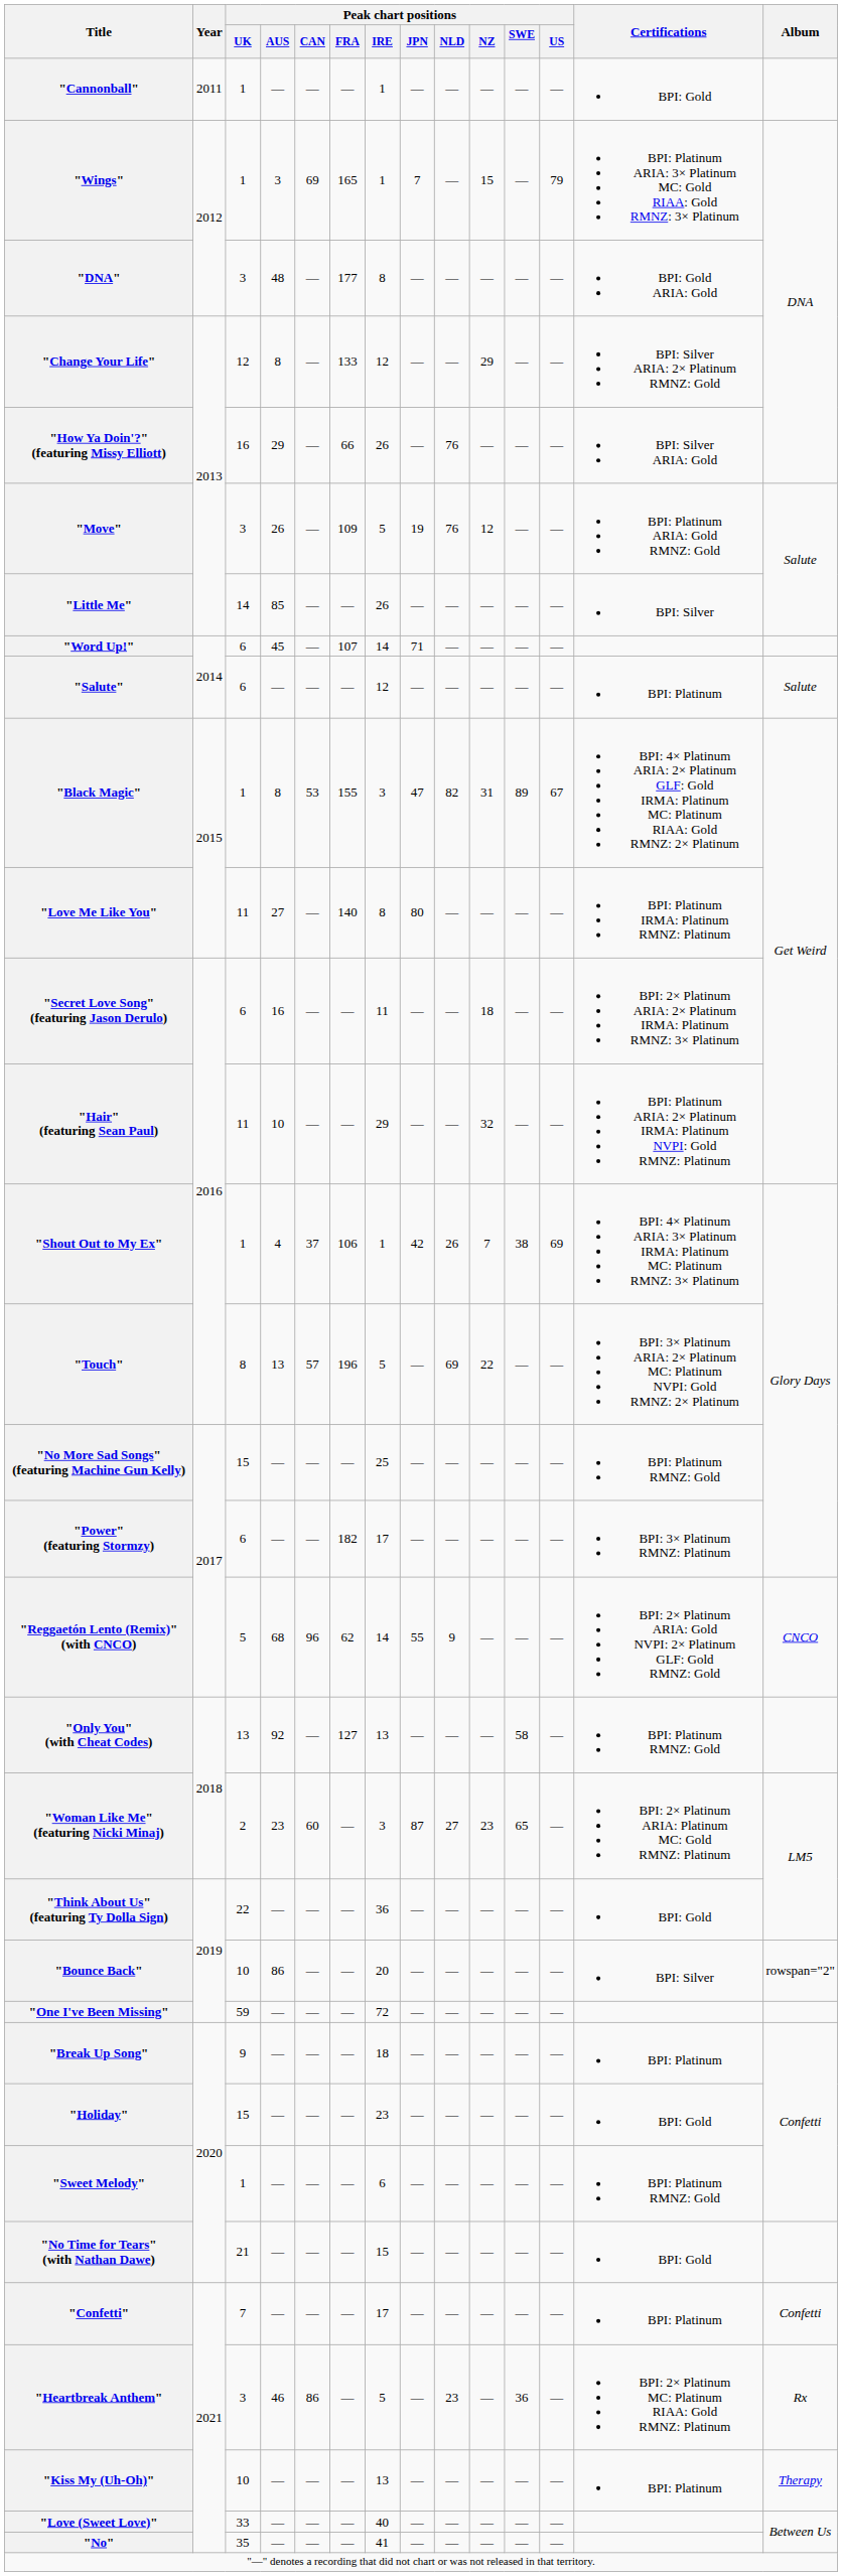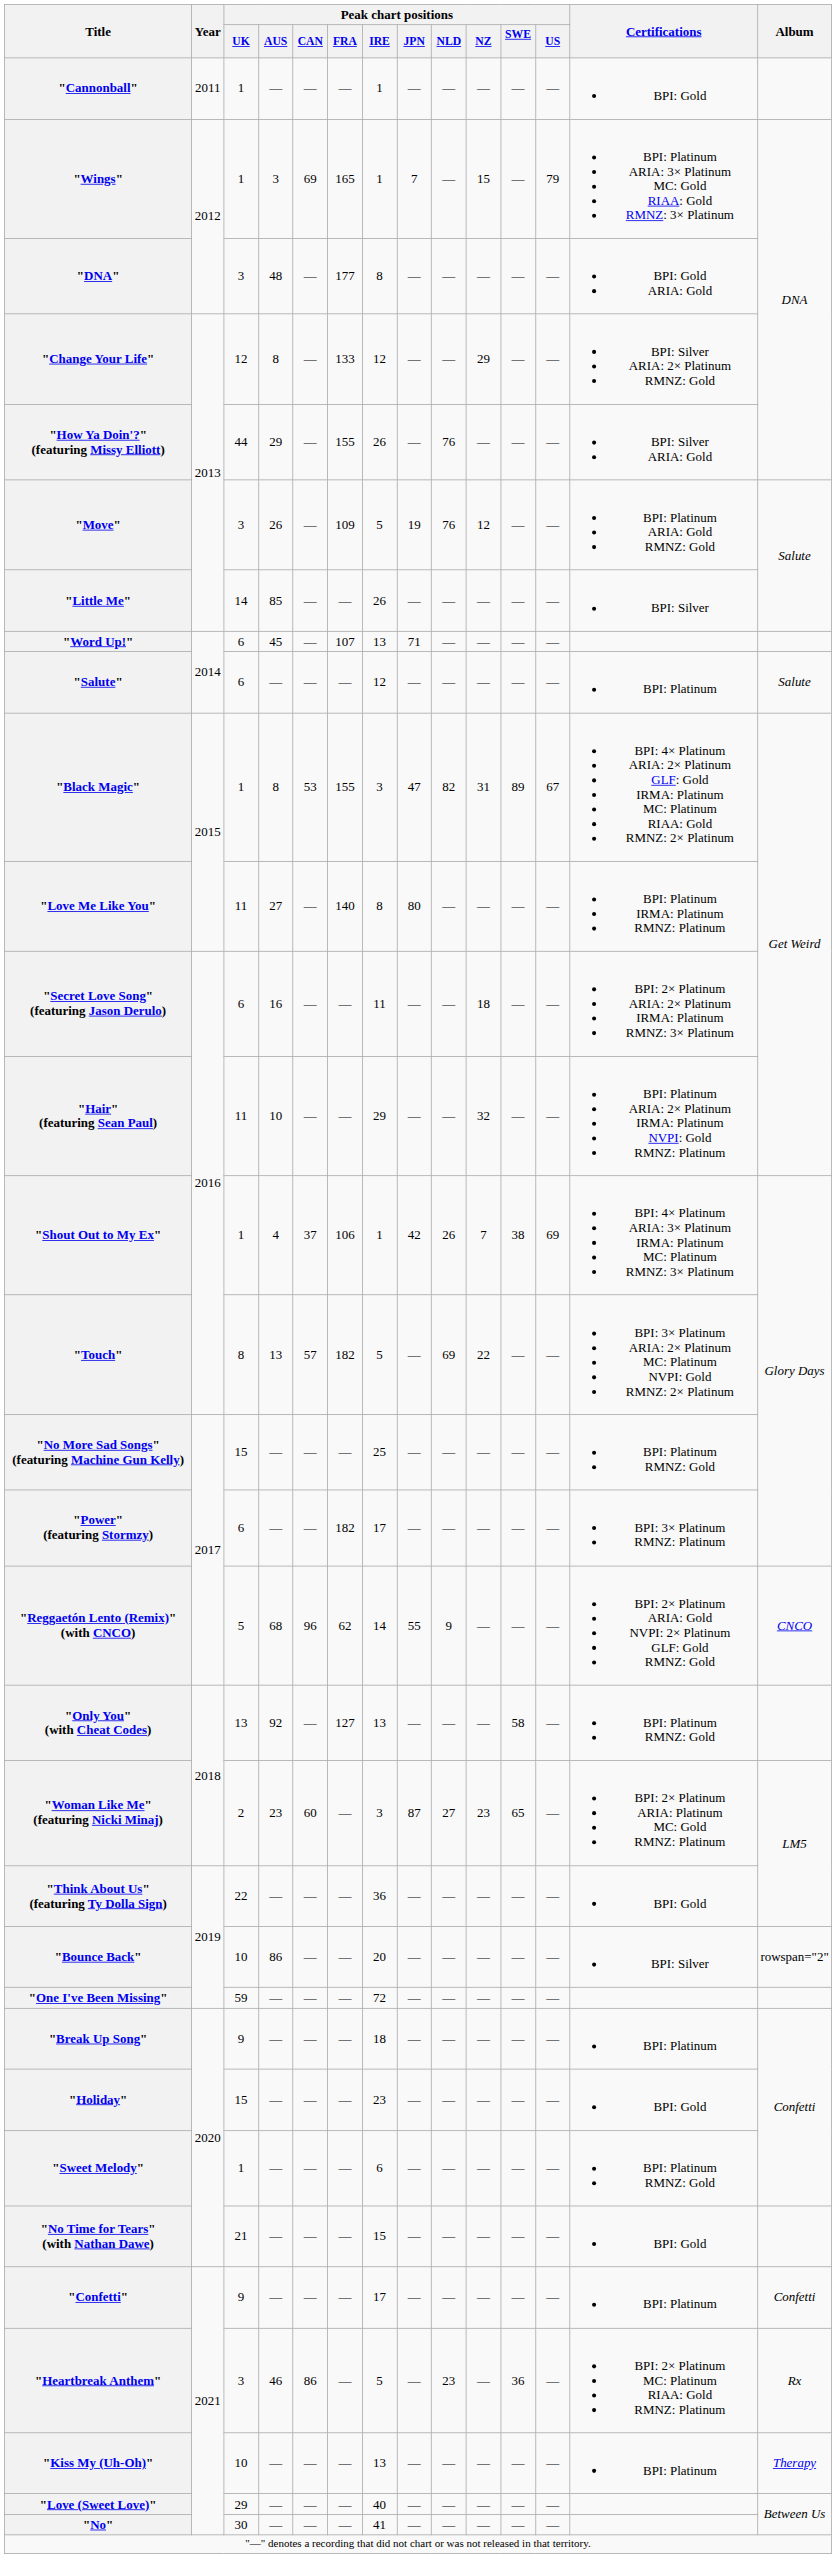 <table class="wikitable plainrowheaders" style="text-align:center;">
 <tr>
 <th scope="col" rowspan="2" style="width:14em;">Title</th>
 <th scope="col" rowspan="2" style="width:1em;">Year</th>
 <th scope="col" colspan="10">Peak chart positions</th>
 <th scope="col" rowspan="2" style="width:14em;"><a href='#'>Certifications</a></th>
 <th scope="col" rowspan="2">Album</th>
 </tr>
 <tr>
 <th scope="col" style="width:2.5em;font-size:90%;"><a href='#'>UK</a><br></th>
 <th scope="col" style="width:2.5em;font-size:90%;"><a href='#'>AUS</a><br></th>
 <th scope="col" style="width:2.5em;font-size:90%;"><a href='#'>CAN</a><br></th>
 <th scope="col" style="width:2.5em;font-size:90%;"><a href='#'>FRA</a><br></th>
 <th scope="col" style="width:2.5em;font-size:90%;"><a href='#'>IRE</a><br></th>
 <th scope="col" style="width:2.5em;font-size:90%;"><a href='#'>JPN</a><br></th>
 <th scope="col" style="width:2.5em;font-size:90%;"><a href='#'>NLD</a><br></th>
 <th scope="col" style="width:2.5em;font-size:90%;"><a href='#'>NZ</a><br></th>
 <th scope="col" style="width:2.5em;font-size:90%;"><a href='#'>SWE</a><br><br></th>
 <th scope="col" style="width:2.5em;font-size:90%;"><a href='#'>US</a><br></th>
 </tr>
 <tr>
 <th scope="row">"<a href='#'>Cannonball</a>"</th>
 <td>2011</td>
 <td>1</td>
 <td>—</td>
 <td>—</td>
 <td>—</td>
 <td>1</td>
 <td>—</td>
 <td>—</td>
 <td>—</td>
 <td>—</td>
 <td>—</td>
 <td><br><ul><li>BPI: Gold</li></ul></td>
 <td></td>
 </tr>
 <tr>
 <th scope="row">"<a href='#'>Wings</a>"</th>
 <td rowspan="2">2012</td>
 <td>1</td>
 <td>3</td>
 <td>69</td>
 <td>165</td>
 <td>1</td>
 <td>7</td>
 <td>—</td>
 <td>15</td>
 <td>—</td>
 <td>79</td>
 <td><br><ul><li>BPI: Platinum</li><li>ARIA: 3× Platinum</li><li>MC: Gold</li><li><a href='#'>RIAA</a>: Gold</li><li><a href='#'>RMNZ</a>: 3× Platinum</li></ul></td>
 <td rowspan="4"><em>DNA</em></td>
 </tr>
 <tr>
 <th scope="row">"<a href='#'>DNA</a>"</th>
 <td>3</td>
 <td>48</td>
 <td>—</td>
 <td>177</td>
 <td>8</td>
 <td>—</td>
 <td>—</td>
 <td>—</td>
 <td>—</td>
 <td>—</td>
 <td><br><ul><li>BPI: Gold</li><li>ARIA: Gold</li></ul></td>
 </tr>
 <tr>
 <th scope="row">"<a href='#'>Change Your Life</a>"</th>
 <td rowspan="4">2013</td>
 <td>12</td>
 <td>8</td>
 <td>—</td>
 <td>133</td>
 <td>12</td>
 <td>—</td>
 <td>—</td>
 <td>29</td>
 <td>—</td>
 <td>—</td>
 <td><br><ul><li>BPI: Silver</li><li>ARIA: 2× Platinum</li><li>RMNZ: Gold</li></ul></td>
 </tr>
 <tr>
 <th scope="row">"<a href='#'>How Ya Doin'?</a>"<br><span>(featuring <a href='#'>Missy Elliott</a>)</span></th>
-<td>16</td>
+<td>44</td>
 <td>29</td>
 <td>—</td>
-<td>66</td>
+<td>155</td>
 <td>26</td>
 <td>—</td>
 <td>76</td>
 <td>—</td>
 <td>—</td>
 <td>—</td>
 <td><br><ul><li>BPI: Silver</li><li>ARIA: Gold</li></ul></td>
 </tr>
 <tr>
 <th scope="row">"<a href='#'>Move</a>"</th>
 <td>3</td>
 <td>26</td>
 <td>—</td>
 <td>109</td>
 <td>5</td>
 <td>19</td>
 <td>76</td>
 <td>12</td>
 <td>—</td>
 <td>—</td>
 <td><br><ul><li>BPI: Platinum</li><li>ARIA: Gold</li><li>RMNZ: Gold</li></ul></td>
 <td rowspan="2"><em>Salute</em></td>
 </tr>
 <tr>
 <th scope="row">"<a href='#'>Little Me</a>"</th>
 <td>14</td>
 <td>85</td>
 <td>—</td>
 <td>—</td>
 <td>26</td>
 <td>—</td>
 <td>—</td>
 <td>—</td>
 <td>—</td>
 <td>—</td>
 <td><br><ul><li>BPI: Silver</li></ul></td>
 </tr>
 <tr>
 <th scope="row">"<a href='#'>Word Up!</a>"</th>
 <td rowspan="2">2014</td>
 <td>6</td>
 <td>45</td>
 <td>—</td>
 <td>107</td>
-<td>14</td>
+<td>13</td>
 <td>71</td>
 <td>—</td>
 <td>—</td>
 <td>—</td>
 <td>—</td>
 <td></td>
 <td></td>
 </tr>
 <tr>
 <th scope="row">"<a href='#'>Salute</a>"</th>
 <td>6</td>
 <td>—</td>
 <td>—</td>
 <td>—</td>
 <td>12</td>
 <td>—</td>
 <td>—</td>
 <td>—</td>
 <td>—</td>
 <td>—</td>
 <td><br><ul><li>BPI: Platinum</li></ul></td>
 <td><em>Salute</em></td>
 </tr>
 <tr>
 <th scope="row">"<a href='#'>Black Magic</a>"</th>
 <td rowspan="2">2015</td>
 <td>1</td>
 <td>8</td>
 <td>53</td>
 <td>155</td>
 <td>3</td>
 <td>47</td>
 <td>82</td>
 <td>31</td>
 <td>89</td>
 <td>67</td>
 <td><br><ul><li>BPI: 4× Platinum</li><li>ARIA: 2× Platinum</li><li><a href='#'>GLF</a>: Gold</li><li>IRMA: Platinum</li><li>MC: Platinum</li><li>RIAA: Gold</li><li>RMNZ: 2× Platinum</li></ul></td>
 <td rowspan="4"><em>Get Weird</em></td>
 </tr>
 <tr>
 <th scope="row">"<a href='#'>Love Me Like You</a>"</th>
 <td>11</td>
 <td>27</td>
 <td>—</td>
 <td>140</td>
 <td>8</td>
 <td>80</td>
 <td>—</td>
 <td>—</td>
 <td>—</td>
 <td>—</td>
 <td><br><ul><li>BPI: Platinum</li><li>IRMA: Platinum</li><li>RMNZ: Platinum</li></ul></td>
 </tr>
 <tr>
 <th scope="row">"<a href='#'>Secret Love Song</a>"<br><span>(featuring <a href='#'>Jason Derulo</a>)</span></th>
 <td rowspan="4">2016</td>
 <td>6</td>
 <td>16</td>
 <td>—</td>
 <td>—</td>
 <td>11</td>
 <td>—</td>
 <td>—</td>
 <td>18</td>
 <td>—</td>
 <td>—</td>
 <td><br><ul><li>BPI: 2× Platinum</li><li>ARIA: 2× Platinum</li><li>IRMA: Platinum</li><li>RMNZ: 3× Platinum</li></ul></td>
 </tr>
 <tr>
 <th scope="row">"<a href='#'>Hair</a>"<br><span>(featuring <a href='#'>Sean Paul</a>)</span></th>
 <td>11</td>
 <td>10</td>
 <td>—</td>
 <td>—</td>
 <td>29</td>
 <td>—</td>
 <td>—</td>
 <td>32</td>
 <td>—</td>
 <td>—</td>
 <td><br><ul><li>BPI: Platinum</li><li>ARIA: 2× Platinum</li><li>IRMA: Platinum</li><li><a href='#'>NVPI</a>: Gold</li><li>RMNZ: Platinum</li></ul></td>
 </tr>
 <tr>
 <th scope="row">"<a href='#'>Shout Out to My Ex</a>"</th>
 <td>1</td>
 <td>4</td>
 <td>37</td>
 <td>106</td>
 <td>1</td>
 <td>42</td>
 <td>26</td>
 <td>7</td>
 <td>38</td>
 <td>69</td>
 <td><br><ul><li>BPI: 4× Platinum</li><li>ARIA: 3× Platinum</li><li>IRMA: Platinum</li><li>MC: Platinum</li><li>RMNZ: 3× Platinum</li></ul></td>
 <td rowspan="4"><em>Glory Days</em></td>
 </tr>
 <tr>
 <th scope="row">"<a href='#'>Touch</a>"<br></th>
 <td>8</td>
 <td>13</td>
 <td>57</td>
-<td>196</td>
+<td>182</td>
 <td>5</td>
 <td>—</td>
 <td>69</td>
 <td>22</td>
 <td>—</td>
 <td>—</td>
 <td><br><ul><li>BPI: 3× Platinum</li><li>ARIA: 2× Platinum</li><li>MC: Platinum</li><li>NVPI: Gold</li><li>RMNZ: 2× Platinum</li></ul></td>
 </tr>
 <tr>
 <th scope="row">"<a href='#'>No More Sad Songs</a>"<br><span>(featuring <a href='#'>Machine Gun Kelly</a>)</span></th>
 <td rowspan="3">2017</td>
 <td>15</td>
 <td>—</td>
 <td>—</td>
 <td>—</td>
 <td>25</td>
 <td>—</td>
 <td>—</td>
 <td>—</td>
 <td>—</td>
 <td>—</td>
 <td><br><ul><li>BPI: Platinum</li><li>RMNZ: Gold</li></ul></td>
 </tr>
 <tr>
 <th scope="row">"<a href='#'>Power</a>"<br><span>(featuring <a href='#'>Stormzy</a>)</span></th>
 <td>6</td>
 <td>—</td>
 <td>—</td>
 <td>182</td>
 <td>17</td>
 <td>—</td>
 <td>—</td>
 <td>—</td>
 <td>—</td>
 <td>—</td>
 <td><br><ul><li>BPI: 3× Platinum</li><li>RMNZ: Platinum</li></ul></td>
 </tr>
 <tr>
 <th scope="row">"<a href='#'>Reggaetón Lento (Remix)</a>"<br><span>(with <a href='#'>CNCO</a>)</span></th>
 <td>5</td>
 <td>68</td>
 <td>96</td>
 <td>62</td>
 <td>14</td>
 <td>55</td>
 <td>9</td>
 <td>—</td>
 <td>—</td>
 <td>—</td>
 <td><br><ul><li>BPI: 2× Platinum</li><li>ARIA: Gold</li><li>NVPI: 2× Platinum</li><li>GLF: Gold</li><li>RMNZ: Gold</li></ul></td>
 <td><em><a href='#'>CNCO</a></em></td>
 </tr>
 <tr>
 <th scope="row">"<a href='#'>Only You</a>"<br><span>(with <a href='#'>Cheat Codes</a>)</span></th>
 <td rowspan="2">2018</td>
 <td>13</td>
 <td>92</td>
 <td>—</td>
 <td>127</td>
 <td>13</td>
 <td>—</td>
 <td>—</td>
 <td>—</td>
 <td>58</td>
 <td>—</td>
 <td><br><ul><li>BPI: Platinum</li><li>RMNZ: Gold</li></ul></td>
 <td></td>
 </tr>
 <tr>
 <th scope="row">"<a href='#'>Woman Like Me</a>"<br><span>(featuring <a href='#'>Nicki Minaj</a>)</span></th>
 <td>2</td>
 <td>23</td>
 <td>60</td>
 <td>—</td>
 <td>3</td>
 <td>87</td>
 <td>27</td>
 <td>23</td>
 <td>65</td>
 <td>—</td>
 <td><br><ul><li>BPI: 2× Platinum</li><li>ARIA: Platinum</li><li>MC: Gold</li><li>RMNZ: Platinum</li></ul></td>
 <td rowspan="2"><em>LM5</em></td>
 </tr>
 <tr>
 <th scope="row">"<a href='#'>Think About Us</a>"<br><span>(featuring <a href='#'>Ty Dolla Sign</a>)</span></th>
 <td rowspan="3">2019</td>
 <td>22</td>
 <td>—</td>
 <td>—</td>
 <td>—</td>
 <td>36</td>
 <td>—</td>
 <td>—</td>
 <td>—</td>
 <td>—</td>
 <td>—</td>
 <td><br><ul><li>BPI: Gold</li></ul></td>
 </tr>
 <tr>
 <th scope="row">"<a href='#'>Bounce Back</a>"</th>
 <td>10</td>
 <td>86</td>
 <td>—</td>
 <td>—</td>
 <td>20</td>
 <td>—</td>
 <td>—</td>
 <td>—</td>
 <td>—</td>
 <td>—</td>
 <td><br><ul><li>BPI: Silver</li></ul></td>
 <td>rowspan="2" </td>
 </tr>
 <tr>
 <th scope="row">"<a href='#'>One I've Been Missing</a>"</th>
 <td>59</td>
 <td>—</td>
 <td>—</td>
 <td>—</td>
 <td>72</td>
 <td>—</td>
 <td>—</td>
 <td>—</td>
 <td>—</td>
 <td>—</td>
 <td></td>
 </tr>
 <tr>
 <th scope="row">"<a href='#'>Break Up Song</a>"</th>
 <td rowspan="4">2020</td>
 <td>9</td>
 <td>—</td>
 <td>—</td>
 <td>—</td>
 <td>18</td>
 <td>—</td>
 <td>—</td>
 <td>—</td>
 <td>—</td>
 <td>—</td>
 <td><br><ul><li>BPI: Platinum</li></ul></td>
 <td rowspan="3"><em>Confetti</em></td>
 </tr>
 <tr>
 <th scope="row">"<a href='#'>Holiday</a>"</th>
 <td>15</td>
 <td>—</td>
 <td>—</td>
 <td>—</td>
 <td>23</td>
 <td>—</td>
 <td>—</td>
 <td>—</td>
 <td>—</td>
 <td>—</td>
 <td><br><ul><li>BPI: Gold</li></ul></td>
 </tr>
 <tr>
 <th scope="row">"<a href='#'>Sweet Melody</a>"</th>
 <td>1</td>
 <td>—</td>
 <td>—</td>
 <td>—</td>
 <td>6</td>
 <td>—</td>
 <td>—</td>
 <td>—</td>
 <td>—</td>
 <td>—</td>
 <td><br><ul><li>BPI: Platinum</li><li>RMNZ: Gold</li></ul></td>
 </tr>
 <tr>
 <th scope="row">"<a href='#'>No Time for Tears</a>"<br><span>(with <a href='#'>Nathan Dawe</a>)<br></span></th>
 <td>21</td>
 <td>—</td>
 <td>—</td>
 <td>—</td>
 <td>15</td>
 <td>—</td>
 <td>—</td>
 <td>—</td>
 <td>—</td>
 <td>—</td>
 <td><br><ul><li>BPI: Gold</li></ul></td>
 <td></td>
 </tr>
 <tr>
 <th scope="row">"<a href='#'>Confetti</a>"<br></th>
 <td rowspan="5">2021</td>
-<td>7</td>
+<td>9</td>
 <td>—</td>
 <td>—</td>
 <td>—</td>
 <td>17</td>
 <td>—</td>
 <td>—</td>
 <td>—</td>
 <td>—</td>
 <td>—</td>
 <td><br><ul><li>BPI: Platinum</li></ul></td>
 <td><em>Confetti</em></td>
 </tr>
 <tr>
 <th scope="row">"<a href='#'>Heartbreak Anthem</a>"<br></th>
 <td>3</td>
 <td>46</td>
 <td>86</td>
 <td>—</td>
 <td>5</td>
 <td>—</td>
 <td>23</td>
 <td>—</td>
 <td>36</td>
 <td>—</td>
 <td><br><ul><li>BPI: 2× Platinum</li><li>MC: Platinum</li><li>RIAA: Gold</li><li>RMNZ: Platinum</li></ul></td>
 <td><em>Rx</em></td>
 </tr>
 <tr>
 <th scope="row">"<a href='#'>Kiss My (Uh-Oh)</a>"<br></th>
 <td>10</td>
 <td>—</td>
 <td>—</td>
 <td>—</td>
 <td>13</td>
 <td>—</td>
 <td>—</td>
 <td>—</td>
 <td>—</td>
 <td>—</td>
 <td><br><ul><li>BPI: Platinum</li></ul></td>
 <td><em><a href='#'>Therapy</a></em></td>
 </tr>
 <tr>
 <th scope="row">"<a href='#'>Love (Sweet Love)</a>"</th>
-<td>33</td>
+<td>29</td>
 <td>—</td>
 <td>—</td>
 <td>—</td>
 <td>40</td>
 <td>—</td>
 <td>—</td>
 <td>—</td>
 <td>—</td>
 <td>—</td>
 <td></td>
 <td rowspan="2"><em>Between Us</em></td>
 </tr>
 <tr>
 <th scope="row">"<a href='#'>No</a>"</th>
-<td>35</td>
+<td>30</td>
 <td>—</td>
 <td>—</td>
 <td>—</td>
 <td>41</td>
 <td>—</td>
 <td>—</td>
 <td>—</td>
 <td>—</td>
 <td>—</td>
 </tr>
 <tr>
 <td colspan="17" style="font-size:85%">"—" denotes a recording that did not chart or was not released in that territory.</td>
 </tr>
 </table>
